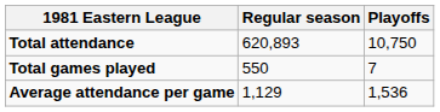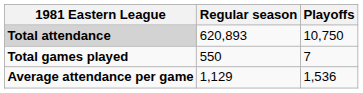 <table class="wikitable" border="1">
 <tr>
 <th>1981 Eastern League</th>
 <th>Regular season</th>
 <th>Playoffs</th>
 </tr>
 <tr>
-<td><strong>Total attendance</strong></td>
+<td style="background: lightgrey;"><strong>Total attendance</strong></td>
 <td>620,893</td>
 <td>10,750</td>
 </tr>
 <tr>
 <td><strong>Total games played</strong></td>
 <td>550</td>
 <td>7</td>
 </tr>
 <tr>
 <td><strong>Average attendance per game</strong></td>
 <td>1,129</td>
 <td>1,536</td>
 </tr>
 </table>
